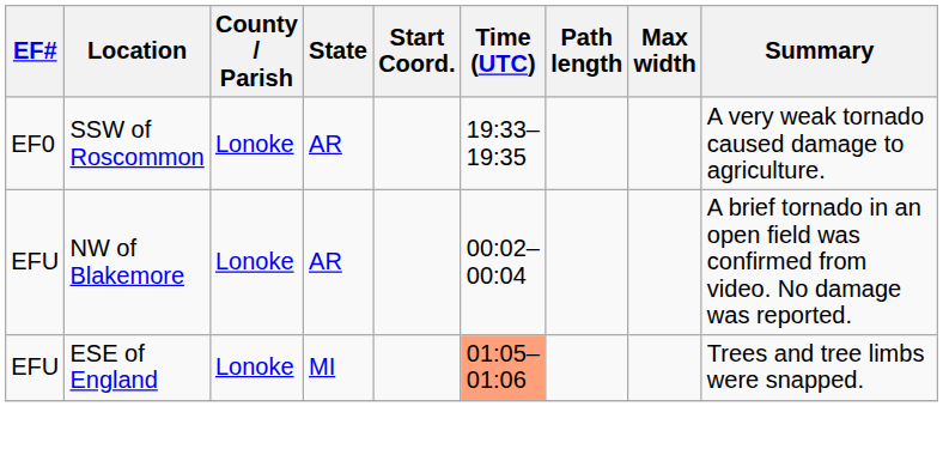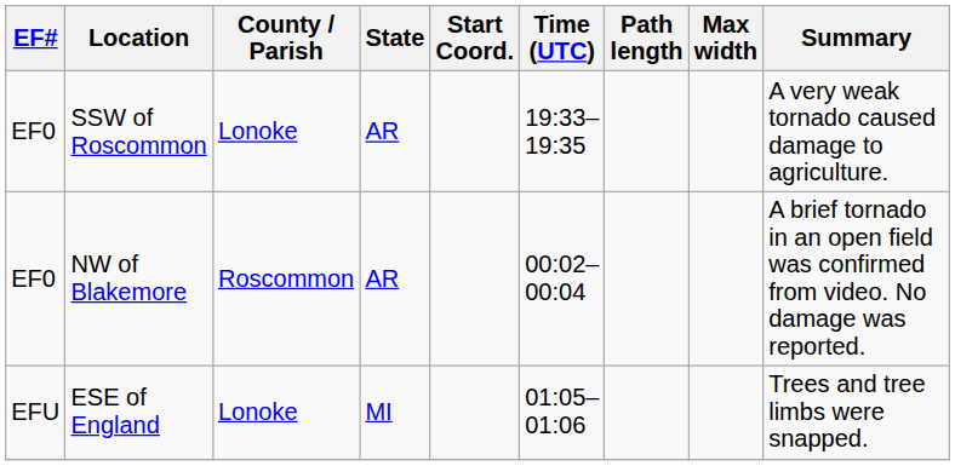 <table class="wikitable sortable" style="width:100%;">
 <tr>
 <th scope="col"  style="width:3%; text-align:center;"><a href='#'>EF#</a></th>
 <th scope="col"  style="width:7%; text-align:center;" class="unsortable">Location</th>
 <th scope="col"  style="width:6%; text-align:center;" class="unsortable">County / Parish</th>
 <th scope="col"  style="width:5%; text-align:center;">State</th>
 <th scope="col"  style="width:6%; text-align:center;">Start Coord.</th>
 <th scope="col"  style="width:6%; text-align:center;">Time (<a href='#'>UTC</a>)</th>
 <th scope="col"  style="width:6%; text-align:center;">Path length</th>
 <th scope="col"  style="width:6%; text-align:center;">Max width</th>
 <th scope="col" class="unsortable" style="width:48%; text-align:center;">Summary</th>
 </tr>
 <tr>
 <td>EF0</td>
 <td>SSW of <a href='#'>Roscommon</a></td>
 <td><a href='#'>Lonoke</a></td>
 <td><a href='#'>AR</a></td>
 <td></td>
 <td>19:33–19:35</td>
 <td></td>
 <td></td>
 <td>A very weak tornado caused damage to agriculture.</td>
 </tr>
 <tr>
-<td>EFU</td>
+<td>EF0</td>
 <td>NW of <a href='#'>Blakemore</a></td>
-<td><a href='#'>Lonoke</a></td>
+<td><a href='#'>Roscommon</a></td>
 <td><a href='#'>AR</a></td>
 <td></td>
 <td>00:02–00:04</td>
 <td></td>
 <td></td>
 <td>A brief tornado in an open field was confirmed from video. No damage was reported.</td>
 </tr>
 <tr>
 <td>EFU</td>
 <td>ESE of <a href='#'>England</a></td>
 <td><a href='#'>Lonoke</a></td>
 <td><a href='#'>MI</a></td>
 <td></td>
-<td style="background: lightsalmon;">01:05–01:06</td>
+<td>01:05–01:06</td>
 <td></td>
 <td></td>
 <td>Trees and tree limbs were snapped.</td>
 </tr>
 <tr>
 </tr>
 </table>
